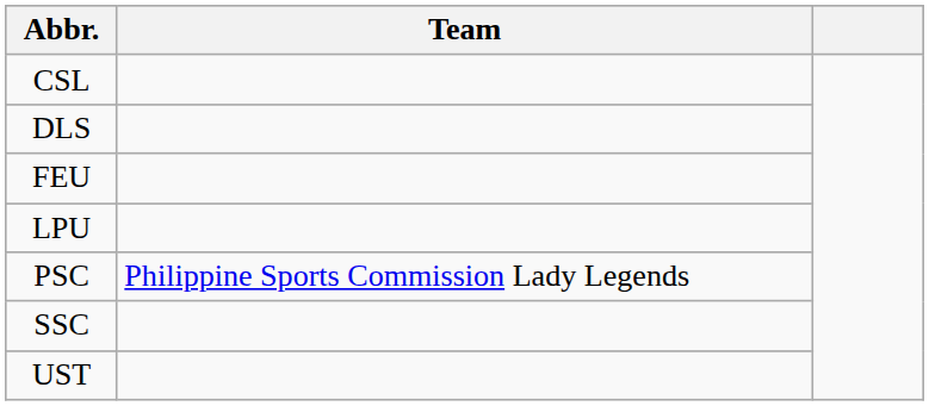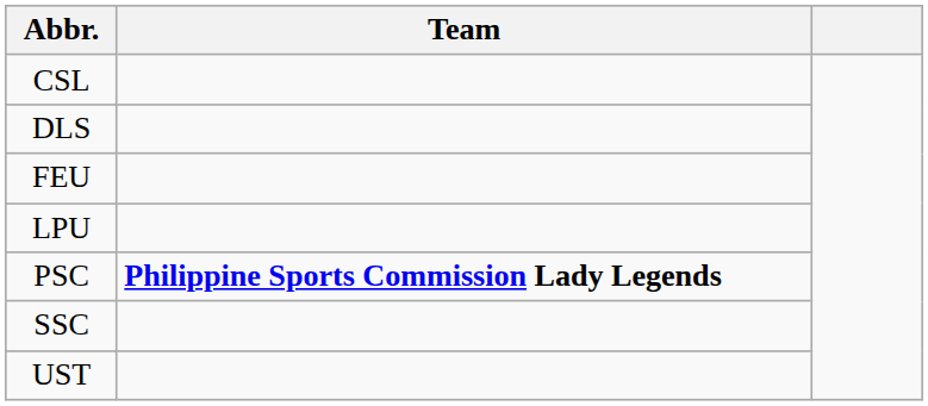 <table class="wikitable" style="text-align: center;">
 <tr>
 <th width=50>Abbr.</th>
 <th width=350>Team</th>
 <th width=50></th>
 </tr>
 <tr>
 <td>CSL</td>
 <td style="text-align:left;"></td>
 <td rowspan=7></td>
 </tr>
 <tr>
 <td>DLS</td>
 <td style="text-align:left;"></td>
 </tr>
 <tr>
 <td>FEU</td>
 <td style="text-align:left;"></td>
 </tr>
 <tr>
 <td>LPU</td>
 <td style="text-align:left;"></td>
 </tr>
 <tr>
 <td>PSC</td>
-<td style="text-align:left;"> <a href='#'>Philippine Sports Commission</a> Lady Legends</td>
+<td style="text-align:left;"><strong> <a href='#'>Philippine Sports Commission</a> Lady Legends</strong></td>
 </tr>
 <tr>
 <td>SSC</td>
 <td style="text-align:left;"></td>
 </tr>
 <tr>
 <td>UST</td>
 <td style="text-align:left;"></td>
 </tr>
 </table>
